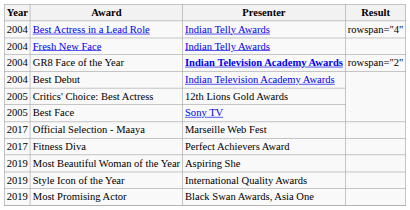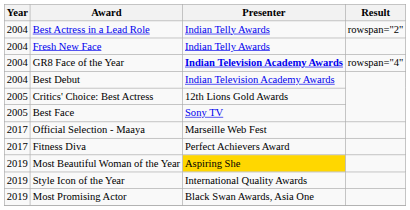 <table class="wikitable sortable">
 <tr>
 <th>Year</th>
 <th>Award</th>
 <th>Presenter</th>
 <th class="unsortable">Result</th>
 </tr>
 <tr>
 <td>2004</td>
 <td><a href='#'>Best Actress in a Lead Role</a></td>
 <td><a href='#'>Indian Telly Awards</a></td>
-<td>rowspan="4" </td>
+<td>rowspan="2" </td>
 </tr>
 <tr>
 <td>2004</td>
 <td><a href='#'>Fresh New Face</a></td>
 <td><a href='#'>Indian Telly Awards</a></td>
 </tr>
 <tr>
 <td>2004</td>
 <td>GR8 Face of the Year</td>
 <td><strong><a href='#'>Indian Television Academy Awards</a></strong></td>
-<td>rowspan="2" </td>
+<td>rowspan="4" </td>
 </tr>
 <tr>
 <td>2004</td>
 <td>Best Debut</td>
 <td><a href='#'>Indian Television Academy Awards</a></td>
 </tr>
 <tr>
 <td>2005</td>
 <td>Critics' Choice: Best Actress</td>
 <td>12th Lions Gold Awards</td>
 </tr>
 <tr>
 <td>2005</td>
 <td>Best Face</td>
 <td><a href='#'>Sony TV</a></td>
 </tr>
 <tr>
 <td>2017</td>
 <td>Official Selection - Maaya</td>
 <td>Marseille Web Fest</td>
 <td></td>
 </tr>
 <tr>
 <td>2017</td>
 <td>Fitness Diva</td>
 <td>Perfect Achievers Award</td>
 <td></td>
 </tr>
 <tr>
 <td>2019</td>
 <td>Most Beautiful Woman of the Year</td>
-<td>Aspiring She</td>
+<td style="background: gold;">Aspiring She</td>
 <td></td>
 </tr>
 <tr>
 <td>2019</td>
 <td>Style Icon of the Year</td>
 <td>International Quality Awards</td>
 <td></td>
 </tr>
 <tr>
 <td>2019</td>
 <td>Most Promising Actor</td>
 <td>Black Swan Awards, Asia One</td>
 <td></td>
 </tr>
 <tr>
 </tr>
 </table>
